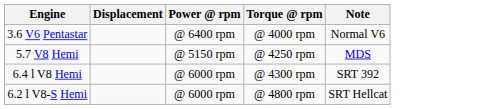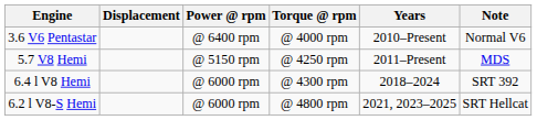 <table class="wikitable" style="text-align:center; font-size:90%;">
 <tr>
 <th>Engine</th>
 <th>Displacement</th>
 <th>Power @ rpm</th>
 <th>Torque @ rpm</th>
+<th>Years</th>
 <th>Note</th>
 </tr>
 <tr>
 <td style="text-align:center;">3.6 <a href='#'>V6</a> <a href='#'>Pentastar</a></td>
 <td style="text-align:center;"></td>
 <td style="text-align:center;"> @ 6400 rpm</td>
 <td> @ 4000 rpm</td>
+<td>2010–Present</td>
 <td>Normal V6</td>
 </tr>
 <tr>
 <td>5.7 <a href='#'>V8</a> <a href='#'>Hemi</a></td>
 <td></td>
 <td> @ 5150 rpm</td>
 <td> @ 4250 rpm</td>
+<td>2011–Present</td>
 <td><a href='#'>MDS</a></td>
 </tr>
 <tr>
 <td>6.4 l V8 <a href='#'>Hemi</a></td>
 <td></td>
 <td> @ 6000 rpm</td>
 <td> @ 4300 rpm</td>
+<td>2018–2024</td>
 <td>SRT 392</td>
 </tr>
 <tr>
 <td>6.2 l V8-<a href='#'>S</a> <a href='#'>Hemi</a></td>
 <td></td>
 <td> @ 6000 rpm</td>
 <td style="text-align:center;"> @ 4800 rpm</td>
+<td>2021, 2023–2025</td>
 <td>SRT Hellcat</td>
 </tr>
 </table>
